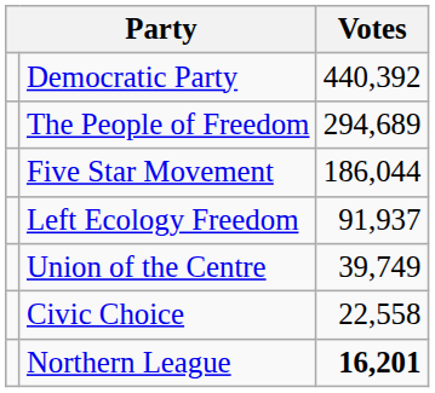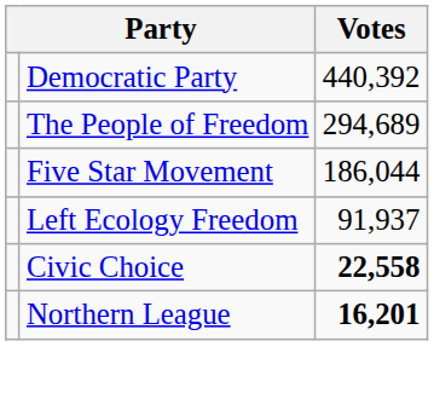 <table class=wikitable style=text-align:left>
 <tr>
 <th colspan=2 align=center>Party</th>
 <th valign=top>Votes</th>
 </tr>
 <tr>
 <td style="color:inherit;background:"></td>
 <td><a href='#'>Democratic Party</a></td>
 <td align=right>440,392</td>
 </tr>
 <tr>
 <td style="color:inherit;background:"></td>
 <td><a href='#'>The People of Freedom</a></td>
 <td align=right>294,689</td>
 </tr>
 <tr>
 <td style="color:inherit;background:"></td>
 <td><a href='#'>Five Star Movement</a></td>
 <td align=right>186,044</td>
 </tr>
 <tr>
 <td style="color:inherit;background:"></td>
 <td><a href='#'>Left Ecology Freedom</a></td>
 <td align=right>91,937</td>
 </tr>
 <tr>
 <td style="color:inherit;background:"></td>
-<td><a href='#'>Union of the Centre</a></td>
-<td align=right>39,749</td>
-</tr>
-<tr>
-<td style="color:inherit;background:"></td>
 <td><a href='#'>Civic Choice</a></td>
-<td align=right>22,558</td>
+<td align=right><strong>22,558</strong></td>
 </tr>
 <tr>
 <td style="color:inherit;background:"></td>
 <td><a href='#'>Northern League</a></td>
 <td align=right><strong>16,201</strong></td>
 </tr>
 </table>
